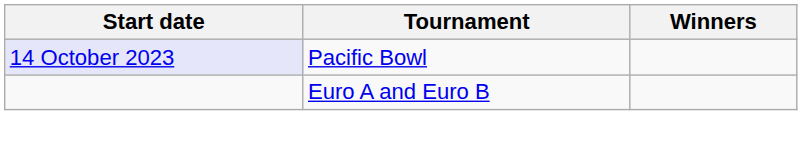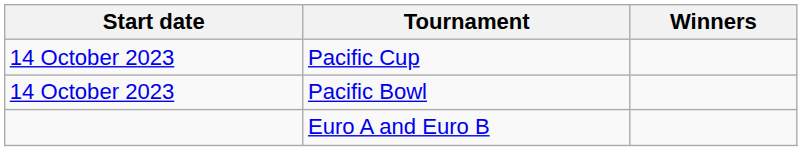 <table class="wikitable unsortable" style="white-space:nowrap" width=65%>
 <tr>
 <th style="text-align:center;">Start date</th>
 <th style="text-align:center;">Tournament</th>
 <th style="text-align:center;">Winners</th>
 </tr>
 <tr>
-<td style="background: lavender;"><a href='#'>14 October 2023</a></td>
+<td><a href='#'>14 October 2023</a></td>
+<td><a href='#'>Pacific Cup</a></td>
+<td></td>
+</tr>
+<tr>
+<td><a href='#'>14 October 2023</a></td>
 <td><a href='#'>Pacific Bowl</a></td>
 <td></td>
 </tr>
 <tr>
 <td></td>
 <td><a href='#'>Euro A and Euro B</a></td>
 <td></td>
 </tr>
 </table>
